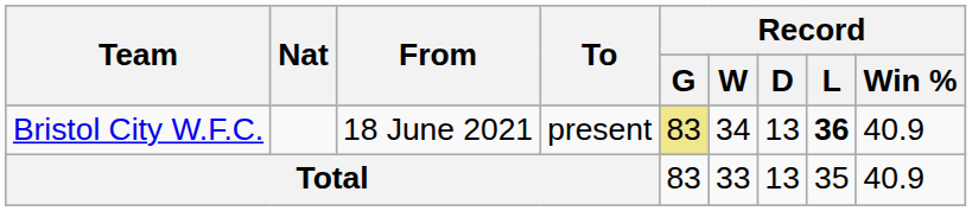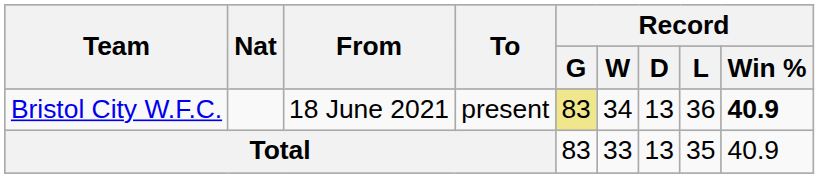 <table class="wikitable">
 <tr>
 <th rowspan="2">Team</th>
 <th rowspan="2">Nat</th>
 <th rowspan="2">From</th>
 <th rowspan="2">To</th>
 <th colspan="5">Record</th>
 </tr>
 <tr>
 <th>G</th>
 <th>W</th>
 <th>D</th>
 <th>L</th>
 <th>Win %</th>
 </tr>
 <tr>
 <td><a href='#'>Bristol City W.F.C.</a></td>
 <td></td>
 <td>18 June 2021</td>
 <td>present</td>
 <td style="background: khaki;">83</td>
 <td>34</td>
 <td>13</td>
-<td><strong>36</strong></td>
-<td>40.9</td>
+<td>36</td>
+<td><strong>40.9</strong></td>
 </tr>
 <tr>
 <th colspan="4">Total</th>
 <td>83</td>
 <td>33</td>
 <td>13</td>
 <td>35</td>
 <td>40.9</td>
 </tr>
 </table>
